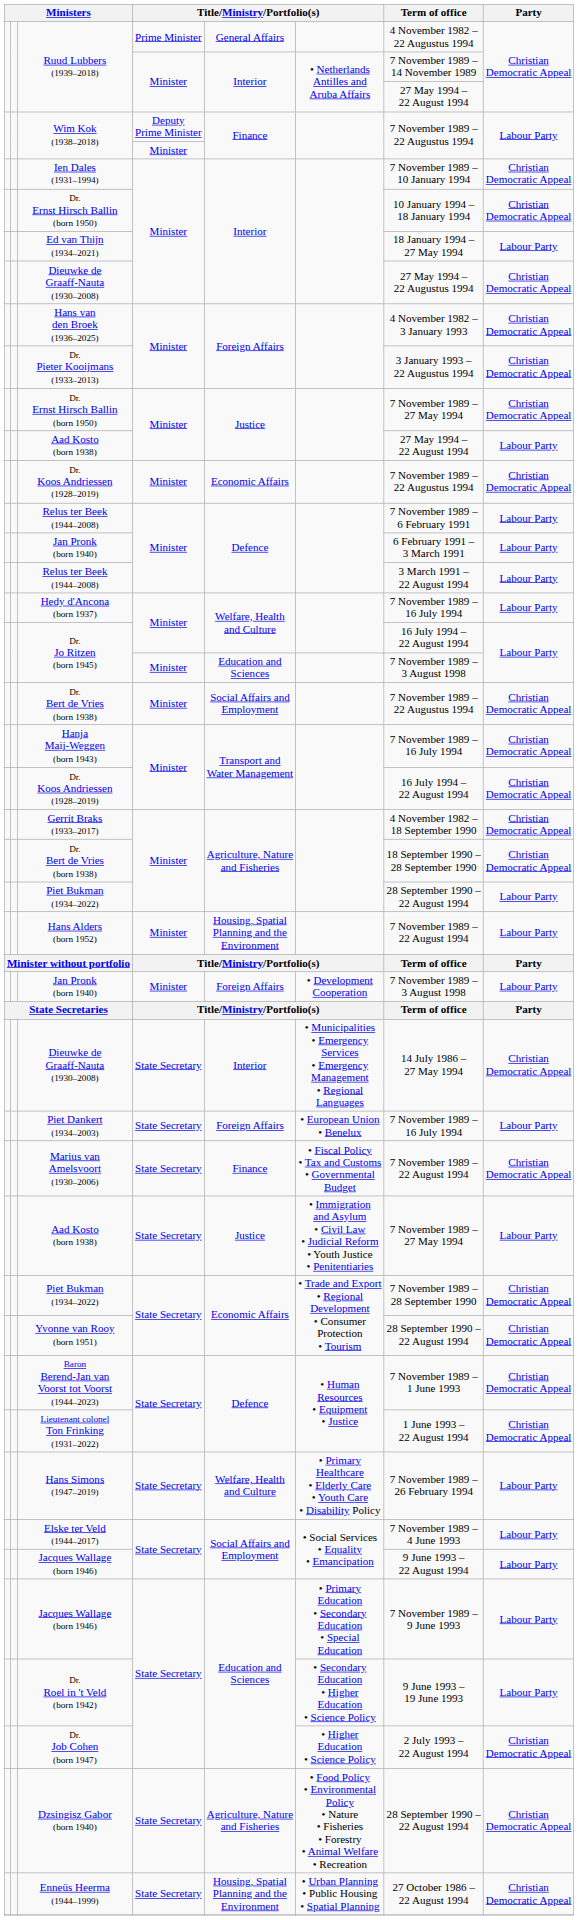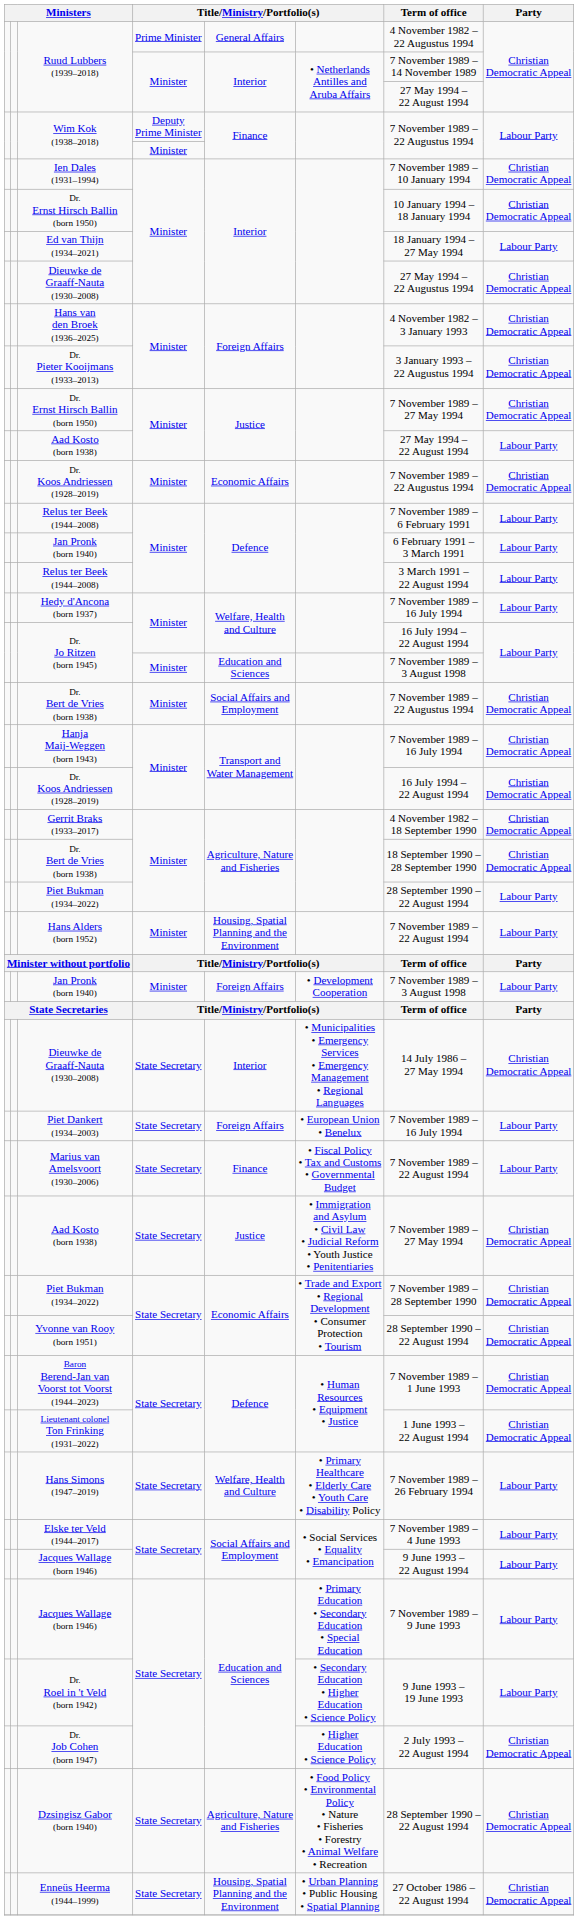 <table class="wikitable" style="text-align:center">
 <tr>
 <th colspan=3><a href='#'>Ministers</a></th>
 <th colspan=3>Title/<a href='#'>Ministry</a>/Portfolio(s)</th>
 <th>Term of office</th>
 <th>Party</th>
 </tr>
 <tr>
 <td rowspan=3 style="background:"></td>
 <td rowspan=3></td>
 <td rowspan=3><a href='#'>Ruud Lubbers</a> <br> <small>(1939–2018)</small></td>
 <td><a href='#'>Prime Minister</a></td>
 <td><a href='#'>General Affairs</a></td>
 <td></td>
 <td>4 November 1982 – <br> 22 Augustus 1994 <br> </td>
 <td rowspan=3><a href='#'>Christian <br> Democratic Appeal</a></td>
 </tr>
 <tr>
 <td rowspan=2><a href='#'>Minister</a></td>
 <td rowspan=2><a href='#'>Interior</a></td>
 <td rowspan=2>• <a href='#'>Netherlands <br> Antilles and <br> Aruba Affairs</a></td>
 <td>7 November 1989 – <br> 14 November 1989 <br> </td>
 </tr>
 <tr>
 <td>27 May 1994 – <br> 22 August 1994 <br> </td>
 </tr>
 <tr>
 <td rowspan=2 style="background:"></td>
 <td rowspan=2></td>
 <td rowspan=2><a href='#'>Wim Kok</a> <br> <small>(1938–2018)</small></td>
 <td><a href='#'>Deputy <br> Prime Minister</a></td>
 <td rowspan=2><a href='#'>Finance</a></td>
 <td rowspan=2></td>
 <td rowspan=2>7 November 1989 – <br> 22 Augustus 1994</td>
 <td rowspan=2><a href='#'>Labour Party</a></td>
 </tr>
 <tr>
 <td><a href='#'>Minister</a></td>
 </tr>
 <tr>
 <td style="background:"></td>
 <td></td>
 <td><a href='#'>Ien Dales</a> <br> <small>(1931–1994)</small></td>
 <td rowspan=4><a href='#'>Minister</a></td>
 <td rowspan=4><a href='#'>Interior</a></td>
 <td rowspan=4></td>
 <td>7 November 1989 – <br> 10 January 1994 <br> </td>
 <td><a href='#'>Christian <br> Democratic Appeal</a></td>
 </tr>
 <tr>
 <td style="background:"></td>
 <td></td>
 <td><small>Dr.</small> <br> <a href='#'>Ernst Hirsch Ballin</a> <br> <small>(born 1950)</small></td>
 <td>10 January 1994 – <br> 18 January 1994 <br> </td>
 <td><a href='#'>Christian <br> Democratic Appeal</a></td>
 </tr>
 <tr>
 <td style="background:"></td>
 <td></td>
 <td><a href='#'>Ed van Thijn</a> <br> <small>(1934–2021)</small></td>
 <td>18 January 1994 – <br> 27 May 1994 <br> </td>
 <td><a href='#'>Labour Party</a></td>
 </tr>
 <tr>
 <td style="background:"></td>
 <td></td>
 <td><a href='#'>Dieuwke de <br> Graaff-Nauta</a> <br> <small>(1930–2008)</small></td>
 <td>27 May 1994 – <br> 22 Augustus 1994</td>
 <td><a href='#'>Christian <br> Democratic Appeal</a></td>
 </tr>
 <tr>
 <td style="background:"></td>
 <td></td>
 <td><a href='#'>Hans van <br> den Broek</a> <br> <small>(1936–2025)</small></td>
 <td rowspan=2><a href='#'>Minister</a></td>
 <td rowspan=2><a href='#'>Foreign Affairs</a></td>
 <td rowspan=2></td>
 <td>4 November 1982 – <br> 3 January 1993 <br>  </td>
 <td><a href='#'>Christian <br> Democratic Appeal</a></td>
 </tr>
 <tr>
 <td style="background:"></td>
 <td></td>
 <td><small>Dr.</small> <br> <a href='#'>Pieter Kooijmans</a> <br> <small>(1933–2013)</small></td>
 <td>3 January 1993 – <br> 22 Augustus 1994</td>
 <td><a href='#'>Christian <br> Democratic Appeal</a></td>
 </tr>
 <tr>
 <td style="background:"></td>
 <td></td>
 <td><small>Dr.</small> <br> <a href='#'>Ernst Hirsch Ballin</a> <br> <small>(born 1950)</small></td>
 <td rowspan=2><a href='#'>Minister</a></td>
 <td rowspan=2><a href='#'>Justice</a></td>
 <td rowspan=2></td>
 <td>7 November 1989 – <br> 27 May 1994 <br> </td>
 <td><a href='#'>Christian <br> Democratic Appeal</a></td>
 </tr>
 <tr>
 <td style="background:"></td>
 <td></td>
 <td><a href='#'>Aad Kosto</a> <br> <small>(born 1938)</small></td>
 <td>27 May 1994 – <br> 22 August 1994</td>
 <td><a href='#'>Labour Party</a></td>
 </tr>
 <tr>
 <td style="background:"></td>
 <td></td>
 <td><small>Dr.</small> <br> <a href='#'>Koos Andriessen</a> <br> <small>(1928–2019)</small></td>
 <td><a href='#'>Minister</a></td>
 <td><a href='#'>Economic Affairs</a></td>
 <td></td>
 <td>7 November 1989 – <br> 22 Augustus 1994</td>
 <td><a href='#'>Christian <br> Democratic Appeal</a></td>
 </tr>
 <tr>
 <td style="background:"></td>
 <td></td>
 <td><a href='#'>Relus ter Beek</a> <br> <small>(1944–2008)</small></td>
 <td rowspan=3><a href='#'>Minister</a></td>
 <td rowspan=3><a href='#'>Defence</a></td>
 <td rowspan=3></td>
 <td>7 November 1989 – <br> 6 February 1991 <br> </td>
 <td><a href='#'>Labour Party</a></td>
 </tr>
 <tr>
 <td style="background:"></td>
 <td></td>
 <td><a href='#'>Jan Pronk</a> <br> <small>(born 1940)</small></td>
 <td>6 February 1991 – <br> 3 March 1991 <br> </td>
 <td><a href='#'>Labour Party</a></td>
 </tr>
 <tr>
 <td style="background:"></td>
 <td></td>
 <td><a href='#'>Relus ter Beek</a> <br> <small>(1944–2008)</small></td>
 <td>3 March 1991 – <br> 22 August 1994</td>
 <td><a href='#'>Labour Party</a></td>
 </tr>
 <tr>
 <td style="background:"></td>
 <td></td>
 <td><a href='#'>Hedy d'Ancona</a> <br> <small>(born 1937)</small></td>
 <td rowspan=2><a href='#'>Minister</a></td>
 <td rowspan=2><a href='#'>Welfare, Health <br> and Culture</a></td>
 <td rowspan=2></td>
 <td>7 November 1989 – <br> 16 July 1994 <br> </td>
 <td><a href='#'>Labour Party</a></td>
 </tr>
 <tr>
 <td rowspan=2 style="background:"></td>
 <td rowspan=2></td>
 <td rowspan=2><small>Dr.</small> <br> <a href='#'>Jo Ritzen</a> <br> <small>(born 1945)</small></td>
 <td>16 July 1994 – <br> 22 August 1994 <br> </td>
 <td rowspan=2><a href='#'>Labour Party</a></td>
 </tr>
 <tr>
 <td><a href='#'>Minister</a></td>
 <td><a href='#'>Education and <br> Sciences</a></td>
 <td></td>
 <td>7 November 1989 – <br> 3 August 1998 <br> </td>
 </tr>
 <tr>
 <td style="background:"></td>
 <td></td>
 <td><small>Dr.</small> <br> <a href='#'>Bert de Vries</a> <br> <small>(born 1938)</small></td>
 <td><a href='#'>Minister</a></td>
 <td><a href='#'>Social Affairs and <br> Employment</a></td>
 <td></td>
 <td>7 November 1989 – <br> 22 Augustus 1994</td>
 <td><a href='#'>Christian <br> Democratic Appeal</a></td>
 </tr>
 <tr>
 <td style="background:"></td>
 <td></td>
 <td><a href='#'>Hanja <br> Maij-Weggen</a> <br> <small>(born 1943)</small></td>
 <td rowspan=2><a href='#'>Minister</a></td>
 <td rowspan=2><a href='#'>Transport and <br> Water Management</a></td>
 <td rowspan=2></td>
 <td>7 November 1989 – <br> 16 July 1994 <br> </td>
 <td><a href='#'>Christian <br> Democratic Appeal</a></td>
 </tr>
 <tr>
 <td style="background:"></td>
 <td></td>
 <td><small>Dr.</small> <br> <a href='#'>Koos Andriessen</a> <br> <small>(1928–2019)</small></td>
 <td>16 July 1994 – <br> 22 August 1994 <br> </td>
 <td><a href='#'>Christian <br> Democratic Appeal</a></td>
 </tr>
 <tr>
 <td style="background:"></td>
 <td></td>
 <td><a href='#'>Gerrit Braks</a> <br> <small>(1933–2017)</small></td>
 <td rowspan=3><a href='#'>Minister</a></td>
 <td rowspan=3><a href='#'>Agriculture, Nature <br> and Fisheries</a></td>
 <td rowspan=3></td>
 <td>4 November 1982 – <br> 18 September 1990 <br>  </td>
 <td><a href='#'>Christian <br> Democratic Appeal</a></td>
 </tr>
 <tr>
 <td style="background:"></td>
 <td></td>
 <td><small>Dr.</small> <br> <a href='#'>Bert de Vries</a> <br> <small>(born 1938)</small></td>
 <td>18 September 1990 – <br> 28 September 1990 <br> </td>
 <td><a href='#'>Christian <br> Democratic Appeal</a></td>
 </tr>
 <tr>
 <td style="background:"></td>
 <td></td>
 <td><a href='#'>Piet Bukman</a> <br> <small>(1934–2022)</small></td>
 <td>28 September 1990 – <br> 22 August 1994</td>
 <td><a href='#'>Labour Party</a></td>
 </tr>
 <tr>
 <td style="background:"></td>
 <td></td>
 <td><a href='#'>Hans Alders</a> <br> <small>(born 1952)</small></td>
 <td><a href='#'>Minister</a></td>
 <td><a href='#'>Housing, Spatial <br> Planning and the <br> Environment</a></td>
 <td></td>
 <td>7 November 1989 – <br> 22 August 1994</td>
 <td><a href='#'>Labour Party</a></td>
 </tr>
 <tr>
 <th colspan=3><a href='#'>Minister without portfolio</a></th>
 <th colspan=3>Title/<a href='#'>Ministry</a>/Portfolio(s)</th>
 <th>Term of office</th>
 <th>Party</th>
 </tr>
 <tr>
 <td style="background:"></td>
 <td></td>
 <td><a href='#'>Jan Pronk</a> <br> <small>(born 1940)</small></td>
 <td><a href='#'>Minister</a></td>
 <td><a href='#'>Foreign Affairs</a></td>
 <td>• <a href='#'>Development <br> Cooperation</a></td>
 <td>7 November 1989 – <br> 3 August 1998 <br> </td>
 <td><a href='#'>Labour Party</a></td>
 </tr>
 <tr>
 <th colspan=3><a href='#'>State Secretaries</a></th>
 <th colspan=3>Title/<a href='#'>Ministry</a>/Portfolio(s)</th>
 <th>Term of office</th>
 <th>Party</th>
 </tr>
 <tr>
 <td style="background:"></td>
 <td></td>
 <td><a href='#'>Dieuwke de <br> Graaff-Nauta</a> <br> <small>(1930–2008)</small></td>
 <td><a href='#'>State Secretary</a></td>
 <td><a href='#'>Interior</a></td>
 <td>• <a href='#'>Municipalities</a> <br> • <a href='#'>Emergency <br> Services</a> <br> • <a href='#'>Emergency <br> Management</a> <br> • <a href='#'>Regional <br> Languages</a></td>
 <td>14 July 1986 – <br> 27 May 1994 <br>  </td>
 <td><a href='#'>Christian <br> Democratic Appeal</a></td>
 </tr>
 <tr>
 <td style="background:"></td>
 <td></td>
 <td><a href='#'>Piet Dankert</a> <br> <small>(1934–2003)</small></td>
 <td><a href='#'>State Secretary</a> <br> </td>
 <td><a href='#'>Foreign Affairs</a></td>
 <td>• <a href='#'>European Union</a> <br> • <a href='#'>Benelux</a></td>
 <td>7 November 1989 – <br> 16 July 1994 <br> </td>
 <td><a href='#'>Labour Party</a></td>
 </tr>
 <tr>
 <td style="background:"></td>
 <td></td>
 <td><a href='#'>Marius van <br> Amelsvoort</a> <br> <small>(1930–2006)</small></td>
 <td><a href='#'>State Secretary</a></td>
 <td><a href='#'>Finance</a></td>
 <td>• <a href='#'>Fiscal Policy</a> <br> • <a href='#'>Tax and Customs</a> <br> • <a href='#'>Governmental <br> Budget</a></td>
 <td>7 November 1989 – <br> 22 August 1994</td>
-<td><a href='#'>Christian <br> Democratic Appeal</a></td>
+<td><a href='#'>Labour Party</a></td>
 </tr>
 <tr>
 <td style="background:"></td>
 <td></td>
 <td><a href='#'>Aad Kosto</a> <br> <small>(born 1938)</small></td>
 <td><a href='#'>State Secretary</a></td>
 <td><a href='#'>Justice</a></td>
 <td>• <a href='#'>Immigration <br> and Asylum</a> <br> • <a href='#'>Civil Law</a> <br> • <a href='#'>Judicial Reform</a> <br> • Youth Justice <br> • <a href='#'>Penitentiaries</a></td>
 <td>7 November 1989 – <br> 27 May 1994 <br> </td>
-<td><a href='#'>Labour Party</a></td>
+<td><a href='#'>Christian <br> Democratic Appeal</a></td>
 </tr>
 <tr>
 <td style="background:"></td>
 <td></td>
 <td><a href='#'>Piet Bukman</a> <br> <small>(1934–2022)</small></td>
 <td rowspan=2><a href='#'>State Secretary</a> <br> </td>
 <td rowspan=2><a href='#'>Economic Affairs</a></td>
 <td rowspan=2>• <a href='#'>Trade and Export</a> <br> • <a href='#'>Regional <br> Development</a> <br> • Consumer <br> Protection <br> • <a href='#'>Tourism</a></td>
 <td>7 November 1989 – <br> 28 September 1990 <br> </td>
 <td><a href='#'>Christian <br> Democratic Appeal</a></td>
 </tr>
 <tr>
 <td style="background:"></td>
 <td></td>
 <td><a href='#'>Yvonne van Rooy</a> <br> <small>(born 1951)</small></td>
 <td>28 September 1990 – <br> 22 August 1994</td>
 <td><a href='#'>Christian <br> Democratic Appeal</a></td>
 </tr>
 <tr>
 <td style="background:"></td>
 <td></td>
 <td><small><a href='#'>Baron</a></small> <br> <a href='#'>Berend-Jan van <br> Voorst tot Voorst</a> <br> <small>(1944–2023)</small></td>
 <td rowspan=2><a href='#'>State Secretary</a></td>
 <td rowspan=2><a href='#'>Defence</a></td>
 <td rowspan=2>• <a href='#'>Human <br> Resources</a> <br> • <a href='#'>Equipment</a> <br> • <a href='#'>Justice</a></td>
 <td>7 November 1989 – <br> 1 June 1993 <br> </td>
 <td><a href='#'>Christian <br> Democratic Appeal</a></td>
 </tr>
 <tr>
 <td style="background:"></td>
 <td></td>
 <td><small><a href='#'>Lieutenant colonel</a></small> <br> <a href='#'>Ton Frinking</a> <br> <small>(1931–2022)</small></td>
 <td>1 June 1993 – <br> 22 August 1994</td>
 <td><a href='#'>Christian <br> Democratic Appeal</a></td>
 </tr>
 <tr>
 <td style="background:"></td>
 <td></td>
 <td><a href='#'>Hans Simons</a> <br> <small>(1947–2019)</small></td>
 <td><a href='#'>State Secretary</a></td>
 <td><a href='#'>Welfare, Health <br> and Culture</a></td>
 <td>• <a href='#'>Primary <br> Healthcare</a> <br> • <a href='#'>Elderly Care</a> <br> • <a href='#'>Youth Care</a> <br> • <a href='#'>Disability</a> Policy</td>
 <td>7 November 1989 – <br> 26 February 1994 <br> </td>
 <td><a href='#'>Labour Party</a></td>
 </tr>
 <tr>
 <td style="background:"></td>
 <td></td>
 <td><a href='#'>Elske ter Veld</a> <br> <small>(1944–2017)</small></td>
 <td rowspan=2><a href='#'>State Secretary</a></td>
 <td rowspan=2><a href='#'>Social Affairs and <br> Employment</a></td>
 <td rowspan=2>• Social Services <br> • <a href='#'>Equality</a> <br> • <a href='#'>Emancipation</a></td>
 <td>7 November 1989 – <br> 4 June 1993 <br> </td>
 <td><a href='#'>Labour Party</a></td>
 </tr>
 <tr>
 <td style="background:"></td>
 <td></td>
 <td><a href='#'>Jacques Wallage</a> <br> <small>(born 1946)</small></td>
 <td>9 June 1993 – <br> 22 August 1994</td>
 <td><a href='#'>Labour Party</a></td>
 </tr>
 <tr>
 <td style="background:"></td>
 <td></td>
 <td><a href='#'>Jacques Wallage</a> <br> <small>(born 1946)</small></td>
 <td rowspan=3><a href='#'>State Secretary</a></td>
 <td rowspan=3><a href='#'>Education and <br> Sciences</a></td>
 <td>• <a href='#'>Primary <br> Education</a> <br> • <a href='#'>Secondary <br> Education</a> <br> • <a href='#'>Special <br> Education</a></td>
 <td>7 November 1989 – <br> 9 June 1993 <br> </td>
 <td><a href='#'>Labour Party</a></td>
 </tr>
 <tr>
 <td style="background:"></td>
 <td></td>
 <td><small>Dr.</small> <br> <a href='#'>Roel in 't Veld</a> <br> <small>(born 1942)</small></td>
 <td>• <a href='#'>Secondary <br> Education</a> <br> • <a href='#'>Higher <br> Education</a> <br> • <a href='#'>Science Policy</a></td>
 <td>9 June 1993 – <br> 19 June 1993 <br> </td>
 <td><a href='#'>Labour Party</a></td>
 </tr>
 <tr>
 <td style="background:"></td>
 <td></td>
 <td><small>Dr.</small> <br> <a href='#'>Job Cohen</a> <br> <small>(born 1947)</small></td>
 <td>• <a href='#'>Higher <br> Education</a> <br> • <a href='#'>Science Policy</a></td>
 <td>2 July 1993 – <br> 22 August 1994</td>
 <td><a href='#'>Christian <br> Democratic Appeal</a></td>
 </tr>
 <tr>
 <td style="background:"></td>
 <td></td>
 <td><a href='#'>Dzsingisz Gabor</a> <br> <small>(born 1940)</small></td>
 <td><a href='#'>State Secretary</a></td>
 <td><a href='#'>Agriculture, Nature <br> and Fisheries</a></td>
 <td>• <a href='#'>Food Policy</a> <br> • <a href='#'>Environmental <br> Policy</a> <br> • Nature <br> • Fisheries <br> • Forestry <br> • <a href='#'>Animal Welfare</a> <br> • Recreation</td>
 <td>28 September 1990 – <br> 22 August 1994</td>
 <td><a href='#'>Christian <br> Democratic Appeal</a></td>
 </tr>
 <tr>
 <td style="background:"></td>
 <td></td>
 <td><a href='#'>Enneüs Heerma</a> <br> <small>(1944–1999)</small></td>
 <td><a href='#'>State Secretary</a></td>
 <td><a href='#'>Housing, Spatial <br> Planning and the <br> Environment</a></td>
 <td>• <a href='#'>Urban Planning</a> <br> • Public Housing <br> • <a href='#'>Spatial Planning</a></td>
 <td>27 October 1986 – <br> 22 August 1994 <br> </td>
 <td><a href='#'>Christian <br> Democratic Appeal</a></td>
 </tr>
 <tr>
 </tr>
 </table>
